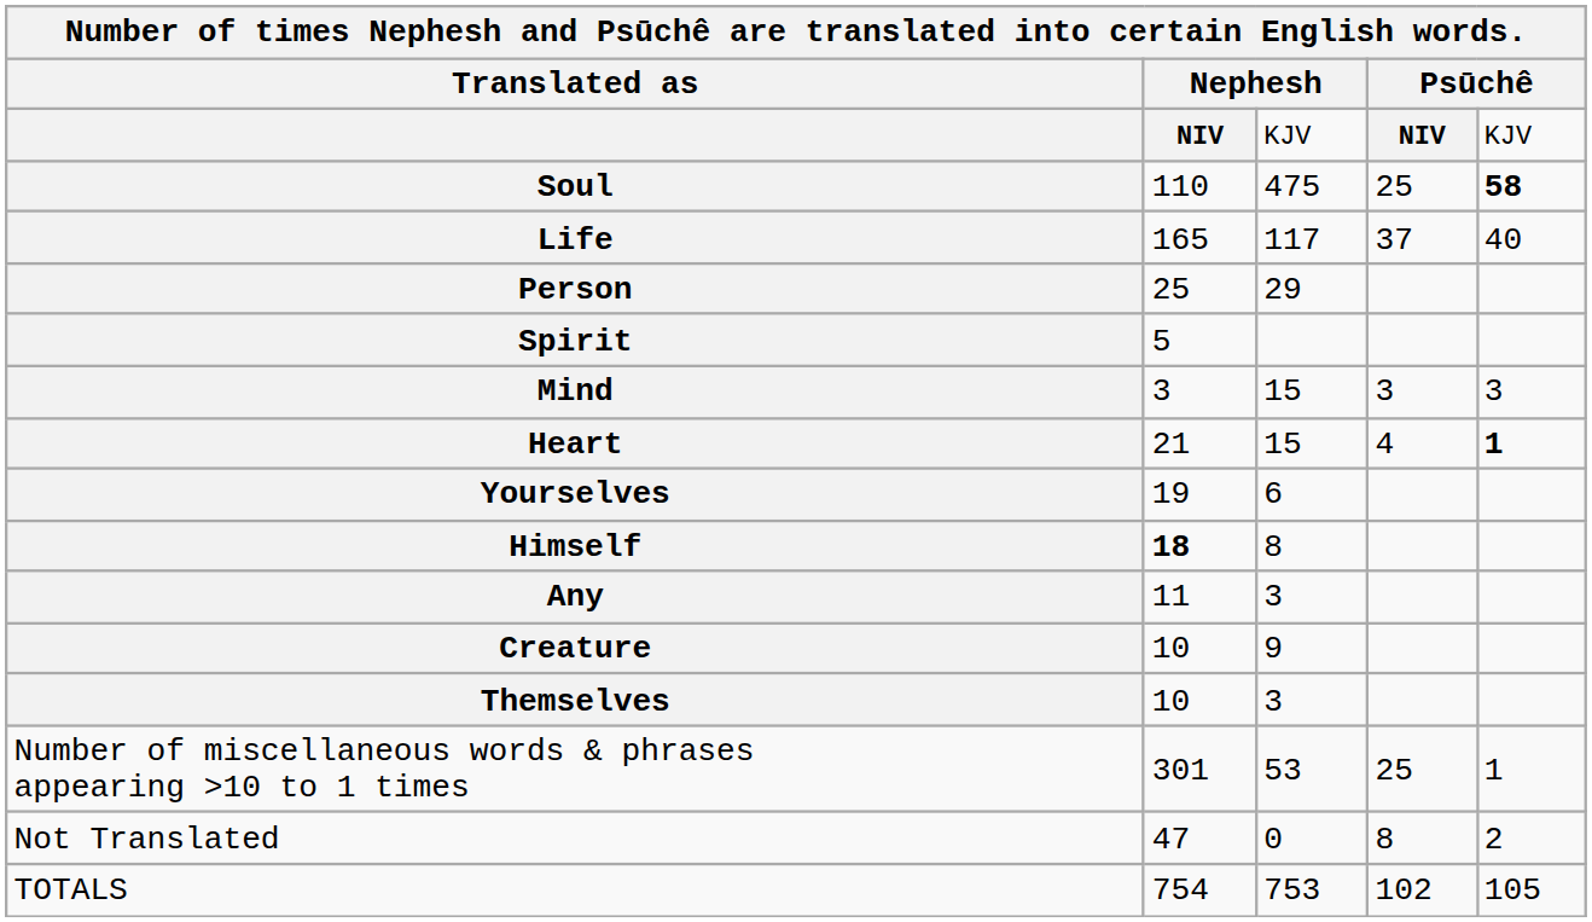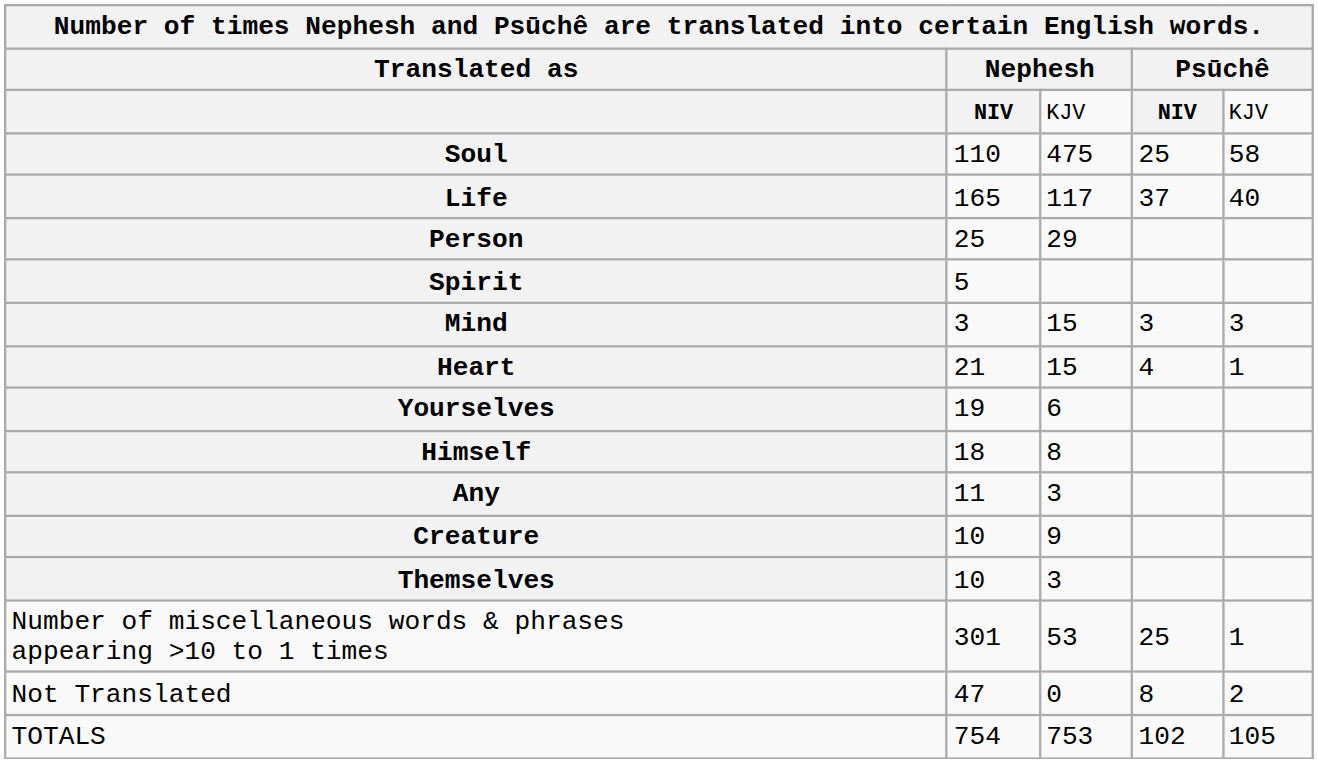 <table class="wikitable collapsible collapsed" style="min-width:50em; font-size:88%">
 <tr>
 <th colspan=5>Number of times Nephesh and Psūchê are translated into certain English words.</th>
 </tr>
 <tr>
 <th>Translated as</th>
 <th colspan=2>Nephesh</th>
 <th colspan=2>Psūchê</th>
 </tr>
 <tr>
 <th colspan=1></th>
 <th><small>NIV</small></th>
 <td><small>KJV</small></td>
 <th><small>NIV</small></th>
 <td><small>KJV</small></td>
 </tr>
 <tr>
 <th>Soul</th>
 <td>110</td>
 <td>475</td>
 <td>25</td>
-<td><strong>58</strong></td>
+<td>58</td>
 </tr>
 <tr>
 <th>Life</th>
 <td>165</td>
 <td>117</td>
 <td>37</td>
 <td>40</td>
 </tr>
 <tr>
 <th>Person</th>
 <td>25</td>
 <td>29</td>
 <td></td>
 <td></td>
 </tr>
 <tr>
 <th>Spirit</th>
 <td>5</td>
 <td></td>
 <td></td>
 <td></td>
 </tr>
 <tr>
 <th>Mind</th>
 <td>3</td>
 <td>15</td>
 <td>3</td>
 <td>3</td>
 </tr>
 <tr>
 <th>Heart</th>
 <td>21</td>
 <td>15</td>
 <td>4</td>
-<td><strong>1</strong></td>
+<td>1</td>
 </tr>
 <tr>
 <th>Yourselves</th>
 <td>19</td>
 <td>6</td>
 <td></td>
 <td></td>
 </tr>
 <tr>
 <th>Himself</th>
-<td><strong>18</strong></td>
+<td>18</td>
 <td>8</td>
 <td></td>
 <td></td>
 </tr>
 <tr>
 <th>Any</th>
 <td>11</td>
 <td>3</td>
 <td></td>
 <td></td>
 </tr>
 <tr>
 <th>Creature</th>
 <td>10</td>
 <td>9</td>
 <td></td>
 <td></td>
 </tr>
 <tr>
 <th>Themselves</th>
 <td>10</td>
 <td>3</td>
 <td></td>
 <td></td>
 </tr>
 <tr>
 <td>Number of miscellaneous words & phrases<br>appearing >10 to 1 times</td>
 <td>301</td>
 <td>53</td>
 <td>25</td>
 <td>1</td>
 </tr>
 <tr>
 <td>Not Translated</td>
 <td>47</td>
 <td>0</td>
 <td>8</td>
 <td>2</td>
 </tr>
 <tr>
 <td>TOTALS</td>
 <td>754</td>
 <td>753</td>
 <td>102</td>
 <td>105</td>
 </tr>
 </table>
